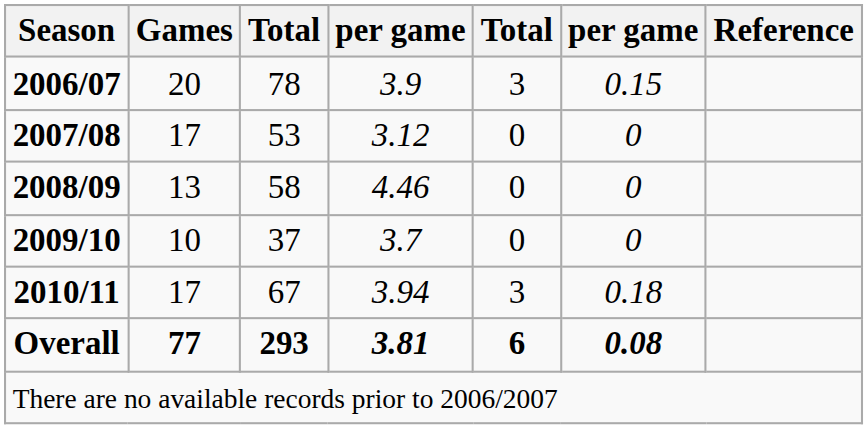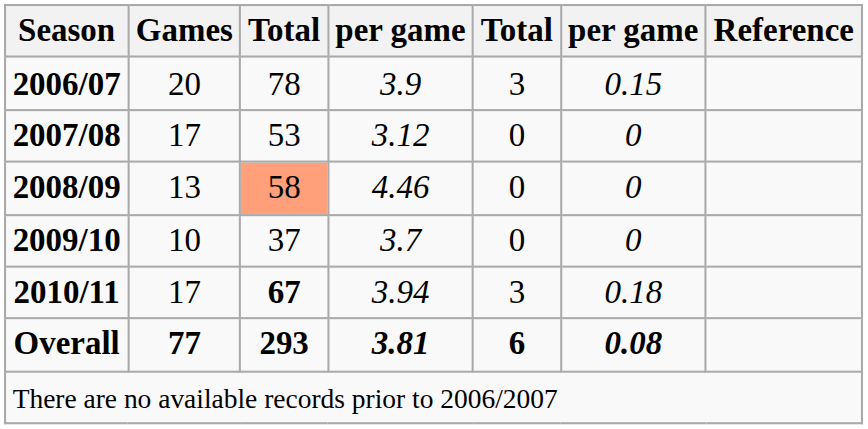 <table class="wikitable" style="text-align:center">
 <tr>
 <th>Season</th>
 <th>Games</th>
 <th>Total </th>
 <th> per game</th>
 <th>Total </th>
 <th> per game</th>
 <th>Reference</th>
 </tr>
 <tr>
 <td><strong>2006/07</strong></td>
 <td>20</td>
 <td>78</td>
 <td><em>3.9</em></td>
 <td>3</td>
 <td><em>0.15</em></td>
 <td></td>
 </tr>
 <tr>
 <td><strong>2007/08</strong></td>
 <td>17</td>
 <td>53</td>
 <td><em>3.12</em></td>
 <td>0</td>
 <td><em>0</em></td>
 <td></td>
 </tr>
 <tr>
 <td><strong>2008/09</strong></td>
 <td>13</td>
-<td>58</td>
+<td style="background: lightsalmon;">58</td>
 <td><em>4.46</em></td>
 <td>0</td>
 <td><em>0</em></td>
 <td></td>
 </tr>
 <tr>
 <td><strong>2009/10</strong></td>
 <td>10</td>
 <td>37</td>
 <td><em>3.7</em></td>
 <td>0</td>
 <td><em>0</em></td>
 <td></td>
 </tr>
 <tr>
 <td><strong>2010/11</strong></td>
 <td>17</td>
-<td>67</td>
+<td><strong>67</strong></td>
 <td><em>3.94</em></td>
 <td>3</td>
 <td><em>0.18</em></td>
 <td></td>
 </tr>
 <tr>
 <td><strong>Overall</strong></td>
 <td><strong>77</strong></td>
 <td><strong>293</strong></td>
 <td><strong><em>3.81</em></strong></td>
 <td><strong>6</strong></td>
 <td><strong><em>0.08</em></strong></td>
 <td></td>
 </tr>
 <tr>
 <td colspan="7" align="left"><small>There are no available records prior to 2006/2007</small></td>
 </tr>
 </table>
